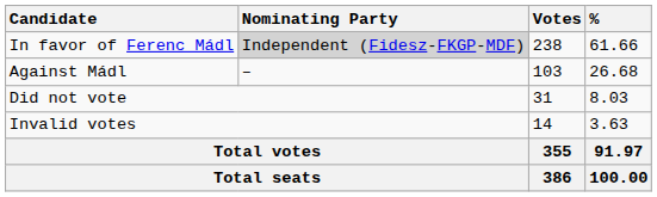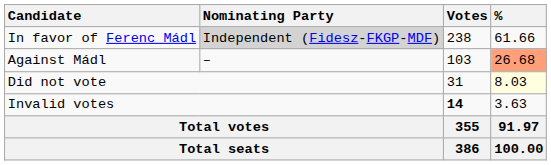 <table class="wikitable">
 <tr>
 <th style="text-align:left">Candidate</th>
 <th style="text-align:left">Nominating Party</th>
 <th style="text-align:left">Votes</th>
 <th style="text-align:left">%</th>
 </tr>
 <tr>
 <td>In favor of <a href='#'>Ferenc Mádl</a></td>
 <td style="background: lightgrey;">Independent (<a href='#'>Fidesz</a>-<a href='#'>FKGP</a>-<a href='#'>MDF</a>)</td>
 <td>238</td>
 <td>61.66</td>
 </tr>
 <tr>
 <td>Against Mádl</td>
 <td>–</td>
 <td>103</td>
-<td>26.68</td>
+<td style="background: lightsalmon;">26.68</td>
 </tr>
 <tr>
 <td colspan=2>Did not vote</td>
 <td>31</td>
-<td>8.03</td>
+<td style="background: lightyellow;">8.03</td>
 </tr>
 <tr>
 <td colspan=2>Invalid votes</td>
-<td>14</td>
+<td><strong>14</strong></td>
 <td>3.63</td>
 </tr>
 <tr>
 <th colspan=2>Total votes</th>
 <th>355</th>
 <th>91.97</th>
 </tr>
 <tr>
 <th colspan=2>Total seats</th>
 <th>386</th>
 <th>100.00</th>
 </tr>
 </table>
